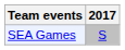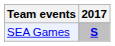 <table style='font-size: 90%; text-align:center;' class='wikitable'>
 <tr>
 <th>Team events</th>
 <th>2017</th>
 </tr>
 <tr>
 <td bgcolor="#ECF2FF"; align="left"><a href='#'>SEA Games</a></td>
-<td bgcolor=silver><a href='#'>S</a></td>
+<td bgcolor=silver><strong><a href='#'>S</a></strong></td>
 </tr>
 </table>
